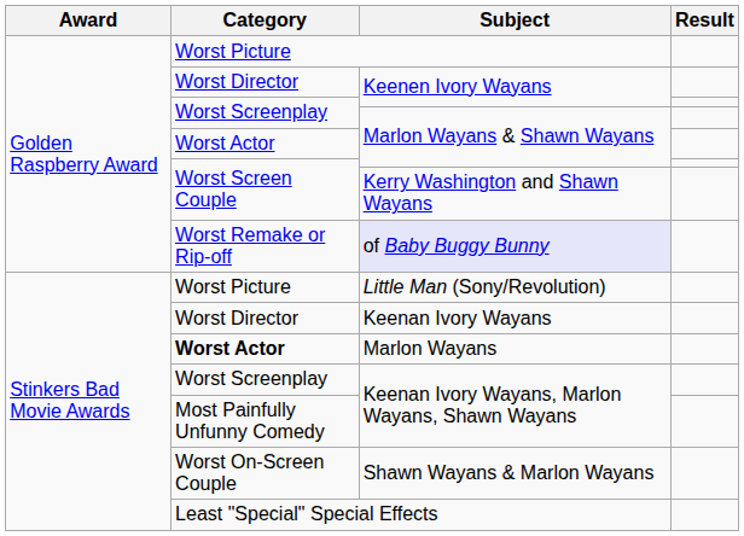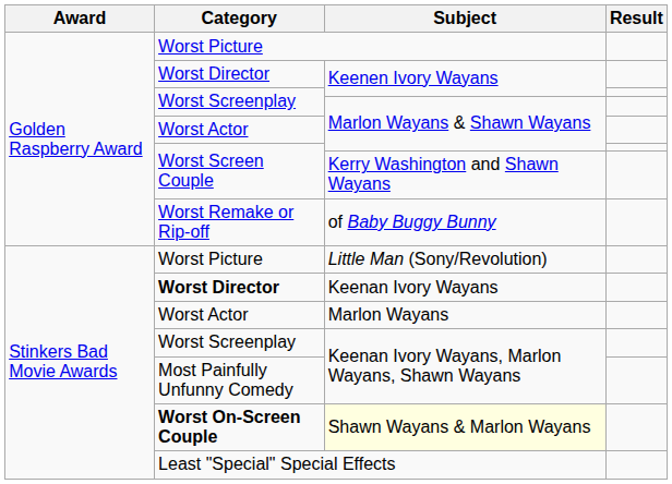 <table class="wikitable">
 <tr>
 <th>Award</th>
 <th>Category</th>
 <th>Subject</th>
 <th>Result</th>
 </tr>
 <tr>
 <td rowspan=8><a href='#'>Golden Raspberry Award</a></td>
 <td colspan=2><a href='#'>Worst Picture</a></td>
 <td></td>
 </tr>
 <tr>
 <td><a href='#'>Worst Director</a></td>
 <td rowspan=2><a href='#'>Keenen Ivory Wayans</a></td>
 <td></td>
 </tr>
 <tr>
 <td rowspan=2><a href='#'>Worst Screenplay</a></td>
 <td></td>
 </tr>
 <tr>
 <td rowspan=3><a href='#'>Marlon Wayans</a> & <a href='#'>Shawn Wayans</a></td>
 <td></td>
 </tr>
 <tr>
 <td><a href='#'>Worst Actor</a></td>
 <td></td>
 </tr>
 <tr>
 <td rowspan=2><a href='#'>Worst Screen Couple</a></td>
 <td></td>
 </tr>
 <tr>
 <td><a href='#'>Kerry Washington</a> and <a href='#'>Shawn Wayans</a></td>
 <td></td>
 </tr>
 <tr>
 <td><a href='#'>Worst Remake or Rip-off</a></td>
-<td style="background: lavender;">of <em><a href='#'>Baby Buggy Bunny</a></em></td>
+<td>of <em><a href='#'>Baby Buggy Bunny</a></em></td>
 <td></td>
 </tr>
 <tr>
 <td rowspan=7><a href='#'>Stinkers Bad Movie Awards</a></td>
 <td>Worst Picture</td>
 <td><em>Little Man</em> (Sony/Revolution)</td>
 <td></td>
 </tr>
 <tr>
-<td>Worst Director</td>
+<td><strong>Worst Director</strong></td>
 <td>Keenan Ivory Wayans</td>
 <td></td>
 </tr>
 <tr>
-<td><strong>Worst Actor</strong></td>
+<td>Worst Actor</td>
 <td>Marlon Wayans</td>
 <td></td>
 </tr>
 <tr>
 <td>Worst Screenplay</td>
 <td rowspan=2>Keenan Ivory Wayans, Marlon Wayans, Shawn Wayans</td>
 <td></td>
 </tr>
 <tr>
 <td>Most Painfully Unfunny Comedy</td>
 <td></td>
 </tr>
 <tr>
-<td>Worst On-Screen Couple</td>
-<td>Shawn Wayans & Marlon Wayans</td>
+<td><strong>Worst On-Screen Couple</strong></td>
+<td style="background: lightyellow;">Shawn Wayans & Marlon Wayans</td>
 <td></td>
 </tr>
 <tr>
 <td colspan=2>Least "Special" Special Effects</td>
 <td></td>
 </tr>
 </table>
